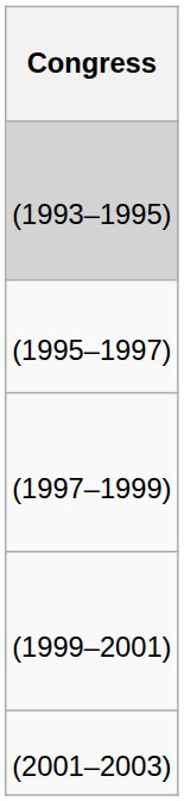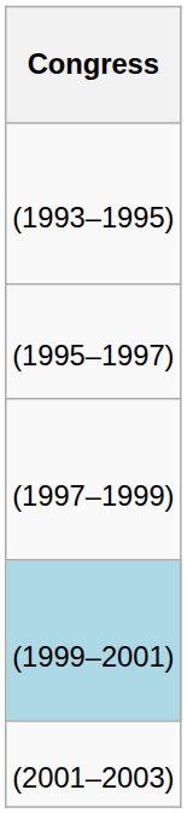 <table class="wikitable" style="float:left; margin:0; margin-right:-0.5px; margin-top:14px; text-align:center;">
 <tr style="white-space:nowrap; height:4.04em;">
 <th>Congress</th>
 </tr>
 <tr style="white-space:nowrap; height:5.62em;">
-<td style="background: lightgrey;"><strong></strong><br>(1993–1995)</td>
+<td><strong></strong><br>(1993–1995)</td>
 </tr>
 <tr style="white-space:nowrap; height:4.04em">
 <td><strong></strong><br>(1995–1997)</td>
 </tr>
 <tr style="white-space:nowrap; height:5.62em">
 <td><strong></strong><br>(1997–1999)</td>
 </tr>
 <tr style="white-space:nowrap; height:5.62em">
-<td><strong></strong><br>(1999–2001)</td>
+<td style="background: lightblue;"><strong></strong><br>(1999–2001)</td>
 </tr>
 <tr style="white-space:nowrap; height:3em">
 <td><strong></strong><br>(2001–2003)</td>
 </tr>
 </table>
